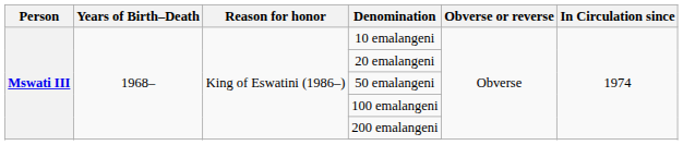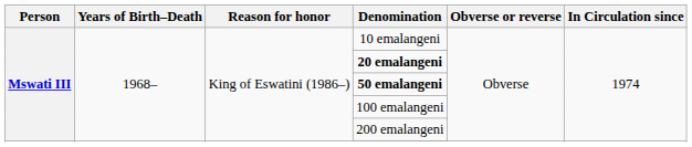 <table class="wikitable" style="font-size: 95%; text-align:center;">
 <tr>
 <th>Person</th>
 <th>Years of Birth–Death</th>
 <th>Reason for honor</th>
 <th>Denomination</th>
 <th>Obverse or reverse</th>
 <th>In Circulation since</th>
 </tr>
 <tr>
 <th rowspan = 8><a href='#'>Mswati III</a></th>
 <td rowspan = 8>1968–</td>
 <td rowspan = 8>King of Eswatini (1986–)</td>
 <td>10 emalangeni</td>
 <td rowspan = 8>Obverse</td>
 <td rowspan = 8>1974</td>
 </tr>
 <tr>
-<td>20 emalangeni</td>
+<td><strong>20 emalangeni</strong></td>
 </tr>
 <tr>
-<td>50 emalangeni</td>
+<td><strong>50 emalangeni</strong></td>
 </tr>
 <tr>
 <td>100 emalangeni</td>
 </tr>
 <tr>
 <td>200 emalangeni</td>
 </tr>
 <tr>
 </tr>
 </table>
